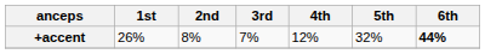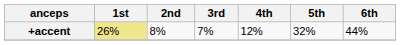 <table class="wikitable" style="width: 35em;">
 <tr>
 <th>anceps</th>
 <th>1st</th>
 <th>2nd</th>
 <th>3rd</th>
 <th>4th</th>
 <th>5th</th>
 <th>6th</th>
 </tr>
 <tr>
 <th>+accent</th>
-<td>26%</td>
+<td style="background: khaki;">26%</td>
 <td>8%</td>
 <td>7%</td>
 <td>12%</td>
 <td>32%</td>
-<td><strong>44%</strong></td>
+<td>44%</td>
 </tr>
 <tr>
 </tr>
 </table>
